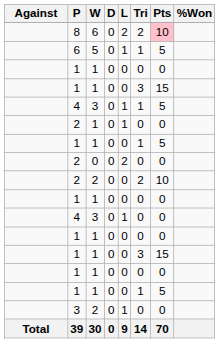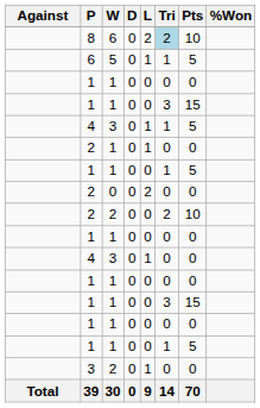 <table class="wikitable sortable"  style="text-align:center; font-size:100%;">
 <tr>
 <th style="width:30%;">Against</th>
 <th abbr="Played" style="width:15px;">P</th>
 <th abbr="Won" style="width:10px;">W</th>
 <th abbr="Drawn" style="width:10px;">D</th>
 <th abbr="Lost" style="width:10px;">L</th>
 <th abbr="Tries" style="width:15px;">Tri</th>
 <th abbr="Points" style="width:18px;">Pts</th>
 <th abbr="Won" style="width:18px;">%Won</th>
 </tr>
 <tr bgcolor="#d0ffd0" align="center">
 </tr>
 <tr>
 <td align="left"></td>
 <td>8</td>
 <td>6</td>
 <td>0</td>
 <td>2</td>
-<td>2</td>
-<td style="background: pink;">10</td>
+<td style="background: lightblue;">2</td>
+<td>10</td>
 <td></td>
 </tr>
 <tr>
 <td align="left"></td>
 <td>6</td>
 <td>5</td>
 <td>0</td>
 <td>1</td>
 <td>1</td>
 <td>5</td>
 <td></td>
 </tr>
 <tr>
 <td align="left"></td>
 <td>1</td>
 <td>1</td>
 <td>0</td>
 <td>0</td>
 <td>0</td>
 <td>0</td>
 <td></td>
 </tr>
 <tr>
 <td align="left"></td>
 <td>1</td>
 <td>1</td>
 <td>0</td>
 <td>0</td>
 <td>3</td>
 <td>15</td>
 <td></td>
 </tr>
 <tr>
 <td align="left"></td>
 <td>4</td>
 <td>3</td>
 <td>0</td>
 <td>1</td>
 <td>1</td>
 <td>5</td>
 <td></td>
 </tr>
 <tr>
 <td align="left"></td>
 <td>2</td>
 <td>1</td>
 <td>0</td>
 <td>1</td>
 <td>0</td>
 <td>0</td>
 <td></td>
 </tr>
 <tr>
 <td align="left"></td>
 <td>1</td>
 <td>1</td>
 <td>0</td>
 <td>0</td>
 <td>1</td>
 <td>5</td>
 <td></td>
 </tr>
 <tr>
 <td align="left"></td>
 <td>2</td>
 <td>0</td>
 <td>0</td>
 <td>2</td>
 <td>0</td>
 <td>0</td>
 <td></td>
 </tr>
 <tr>
 <td align="left"></td>
 <td>2</td>
 <td>2</td>
 <td>0</td>
 <td>0</td>
 <td>2</td>
 <td>10</td>
 <td></td>
 </tr>
 <tr>
 <td align="left"></td>
 <td>1</td>
 <td>1</td>
 <td>0</td>
 <td>0</td>
 <td>0</td>
 <td>0</td>
 <td></td>
 </tr>
 <tr>
 <td align="left"></td>
 <td>4</td>
 <td>3</td>
 <td>0</td>
 <td>1</td>
 <td>0</td>
 <td>0</td>
 <td></td>
 </tr>
 <tr>
 <td align="left"></td>
 <td>1</td>
 <td>1</td>
 <td>0</td>
 <td>0</td>
 <td>0</td>
 <td>0</td>
 <td></td>
 </tr>
 <tr>
 <td align="left"></td>
 <td>1</td>
 <td>1</td>
 <td>0</td>
 <td>0</td>
 <td>3</td>
 <td>15</td>
 <td></td>
 </tr>
 <tr>
 <td align="left"></td>
 <td>1</td>
 <td>1</td>
 <td>0</td>
 <td>0</td>
 <td>0</td>
 <td>0</td>
 <td></td>
 </tr>
 <tr>
 <td align="left"></td>
 <td>1</td>
 <td>1</td>
 <td>0</td>
 <td>0</td>
 <td>1</td>
 <td>5</td>
 <td></td>
 </tr>
 <tr>
 <td align="left"></td>
 <td>3</td>
 <td>2</td>
 <td>0</td>
 <td>1</td>
 <td>0</td>
 <td>0</td>
 <td></td>
 </tr>
 <tr>
 <th>Total</th>
 <th>39</th>
 <th>30</th>
 <th>0</th>
 <th>9</th>
 <th>14</th>
 <th>70</th>
 <th></th>
 </tr>
 </table>
